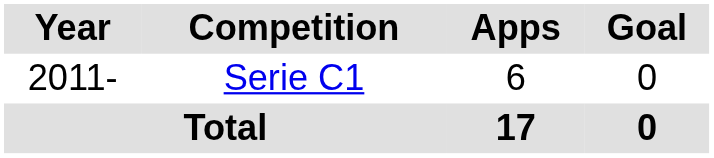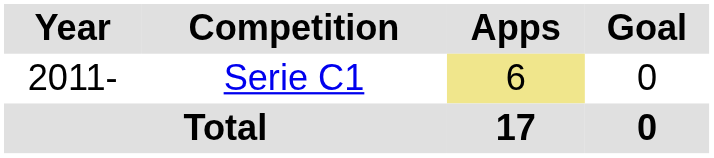 <table border="0" cellpadding="2" cellspacing="0" style="width:50%;">
 <tr style="text-align:center; background:#e0e0e0;">
 <th>Year</th>
 <th>Competition</th>
 <th>Apps</th>
 <th>Goal</th>
 </tr>
 <tr style="text-align:center;">
 <td>2011-</td>
 <td><a href='#'>Serie C1</a></td>
-<td>6</td>
+<td style="background: khaki;">6</td>
 <td>0</td>
 </tr>
 <tr style="text-align:center; background:#e0e0e0;">
 <th colspan="2">Total</th>
 <th style="text-align:center;">17</th>
 <th style="text-align:center;">0</th>
 </tr>
 </table>
